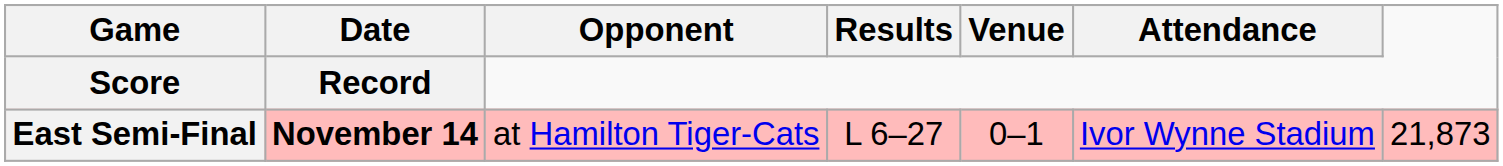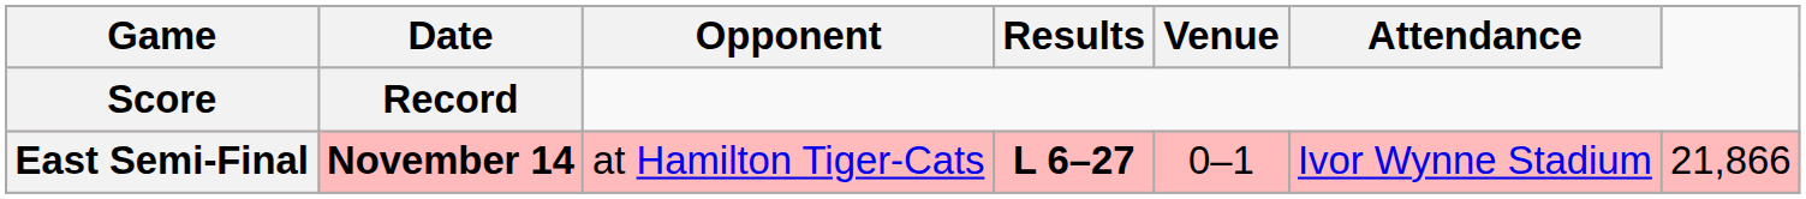 <table class="wikitable" style="text-align:center">
 <tr>
 <th>Game</th>
 <th>Date</th>
 <th>Opponent</th>
 <th>Results</th>
 <th>Venue</th>
 <th>Attendance</th>
 </tr>
 <tr>
 <th>Score</th>
 <th>Record</th>
 </tr>
 <tr style="background:#ffbbbb">
 <th>East Semi-Final</th>
 <td><strong>November 14</strong></td>
 <td>at <a href='#'>Hamilton Tiger-Cats</a></td>
-<td>L 6–27</td>
+<td><strong>L 6–27</strong></td>
 <td>0–1</td>
 <td><a href='#'>Ivor Wynne Stadium</a></td>
-<td>21,873</td>
+<td>21,866</td>
 </tr>
 </table>
